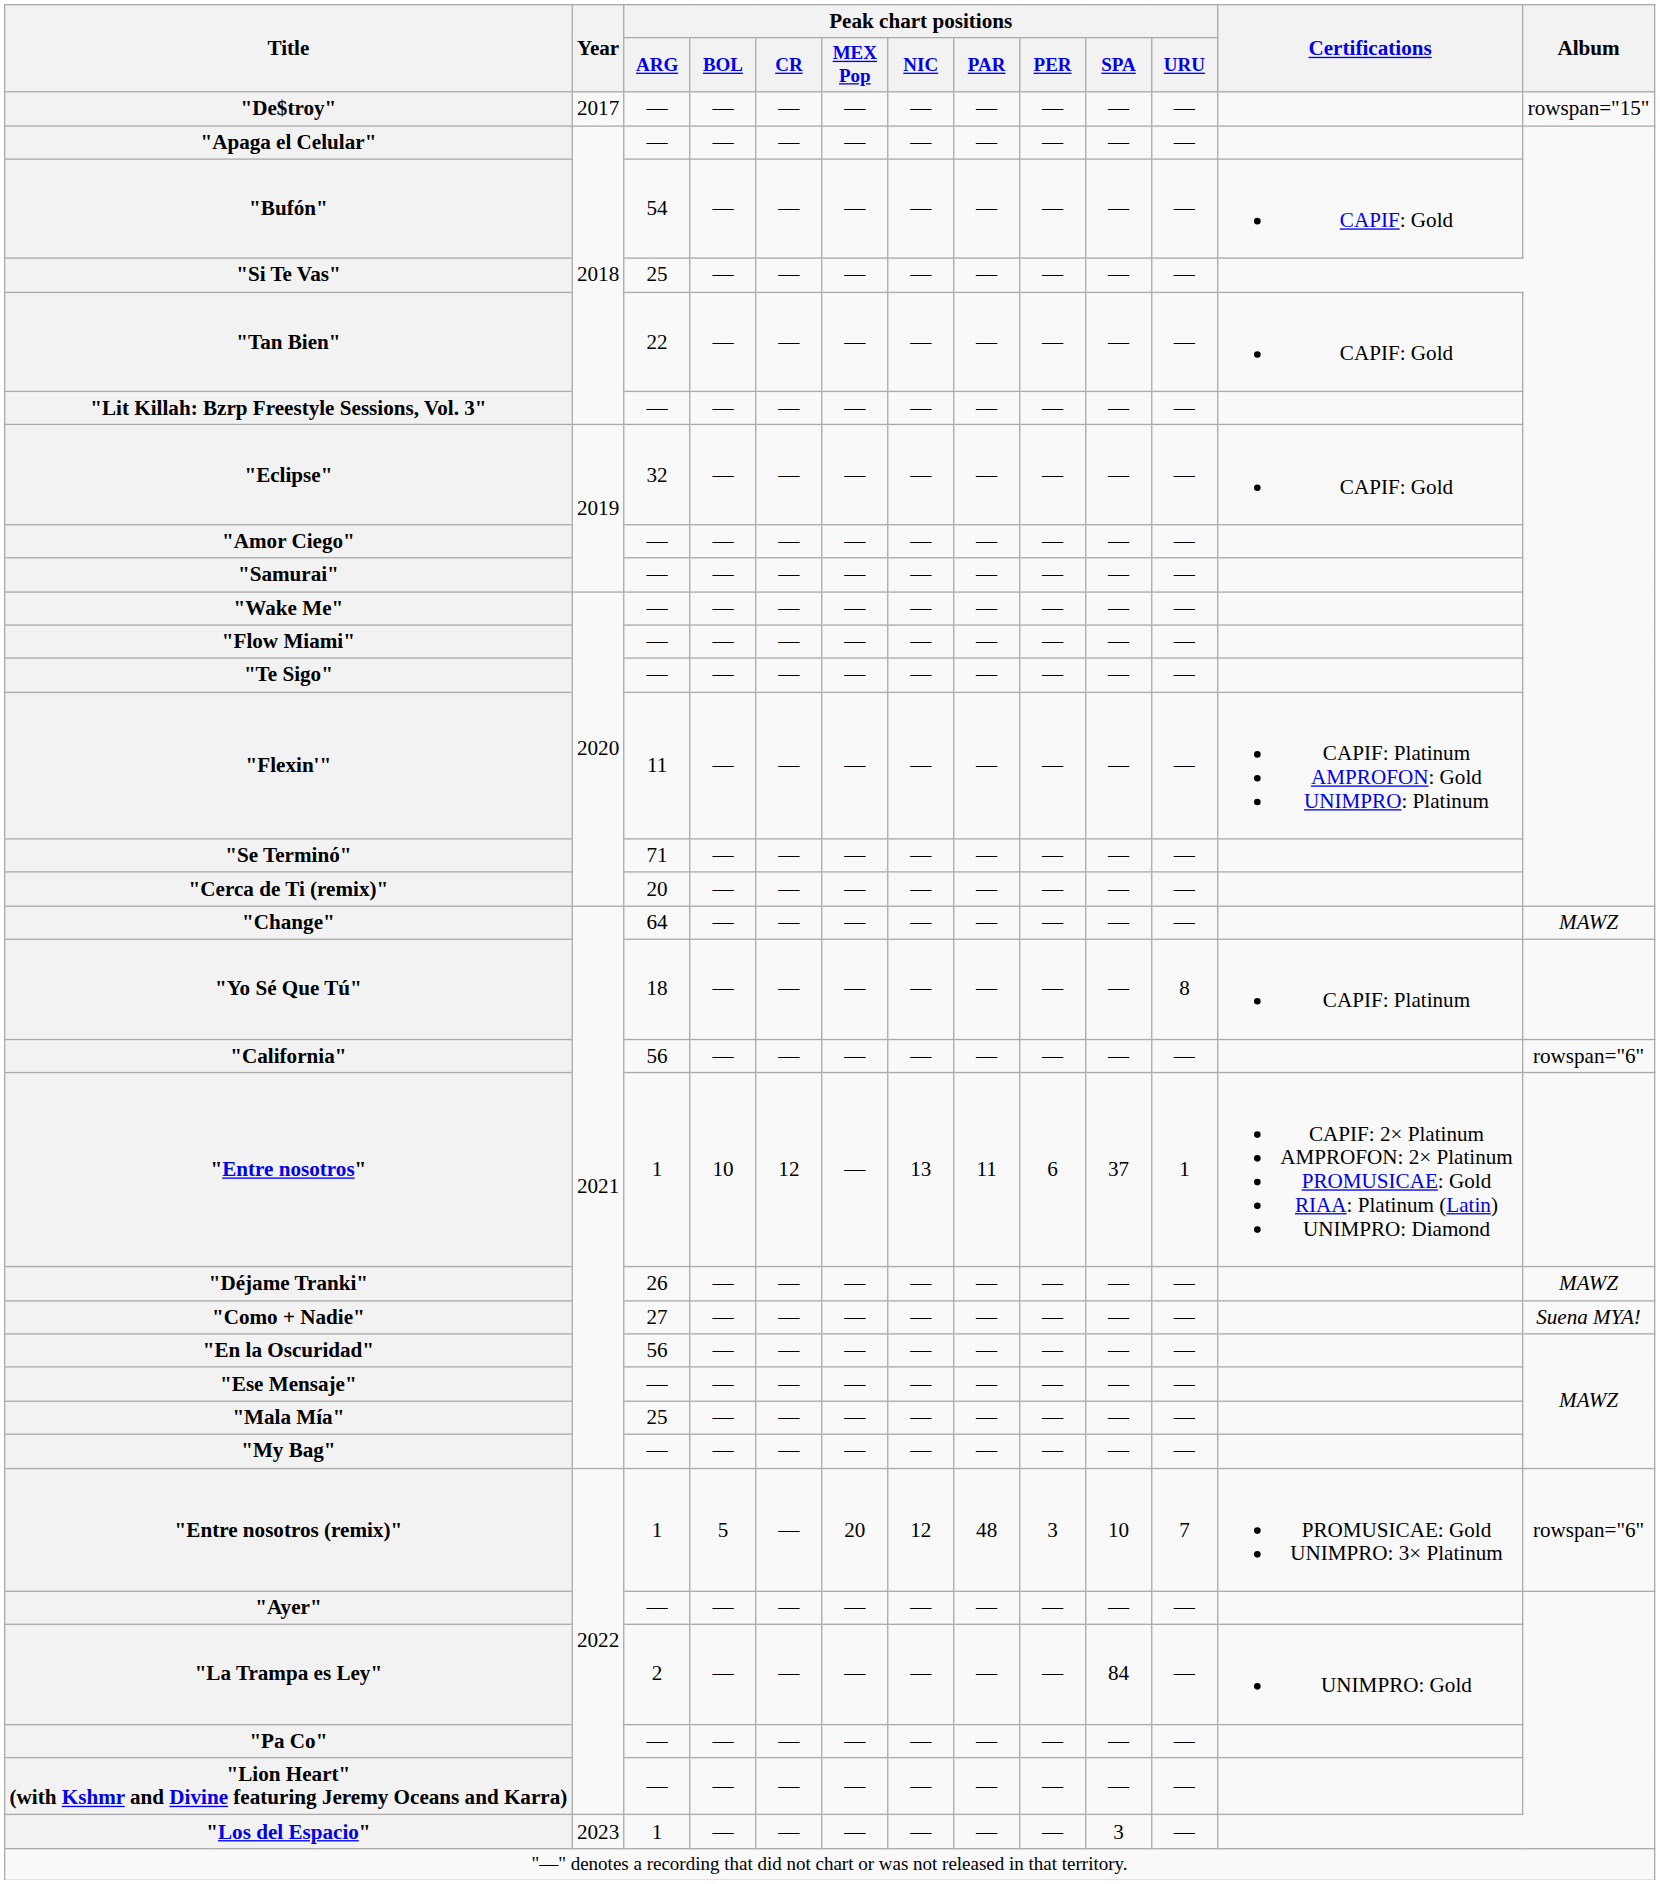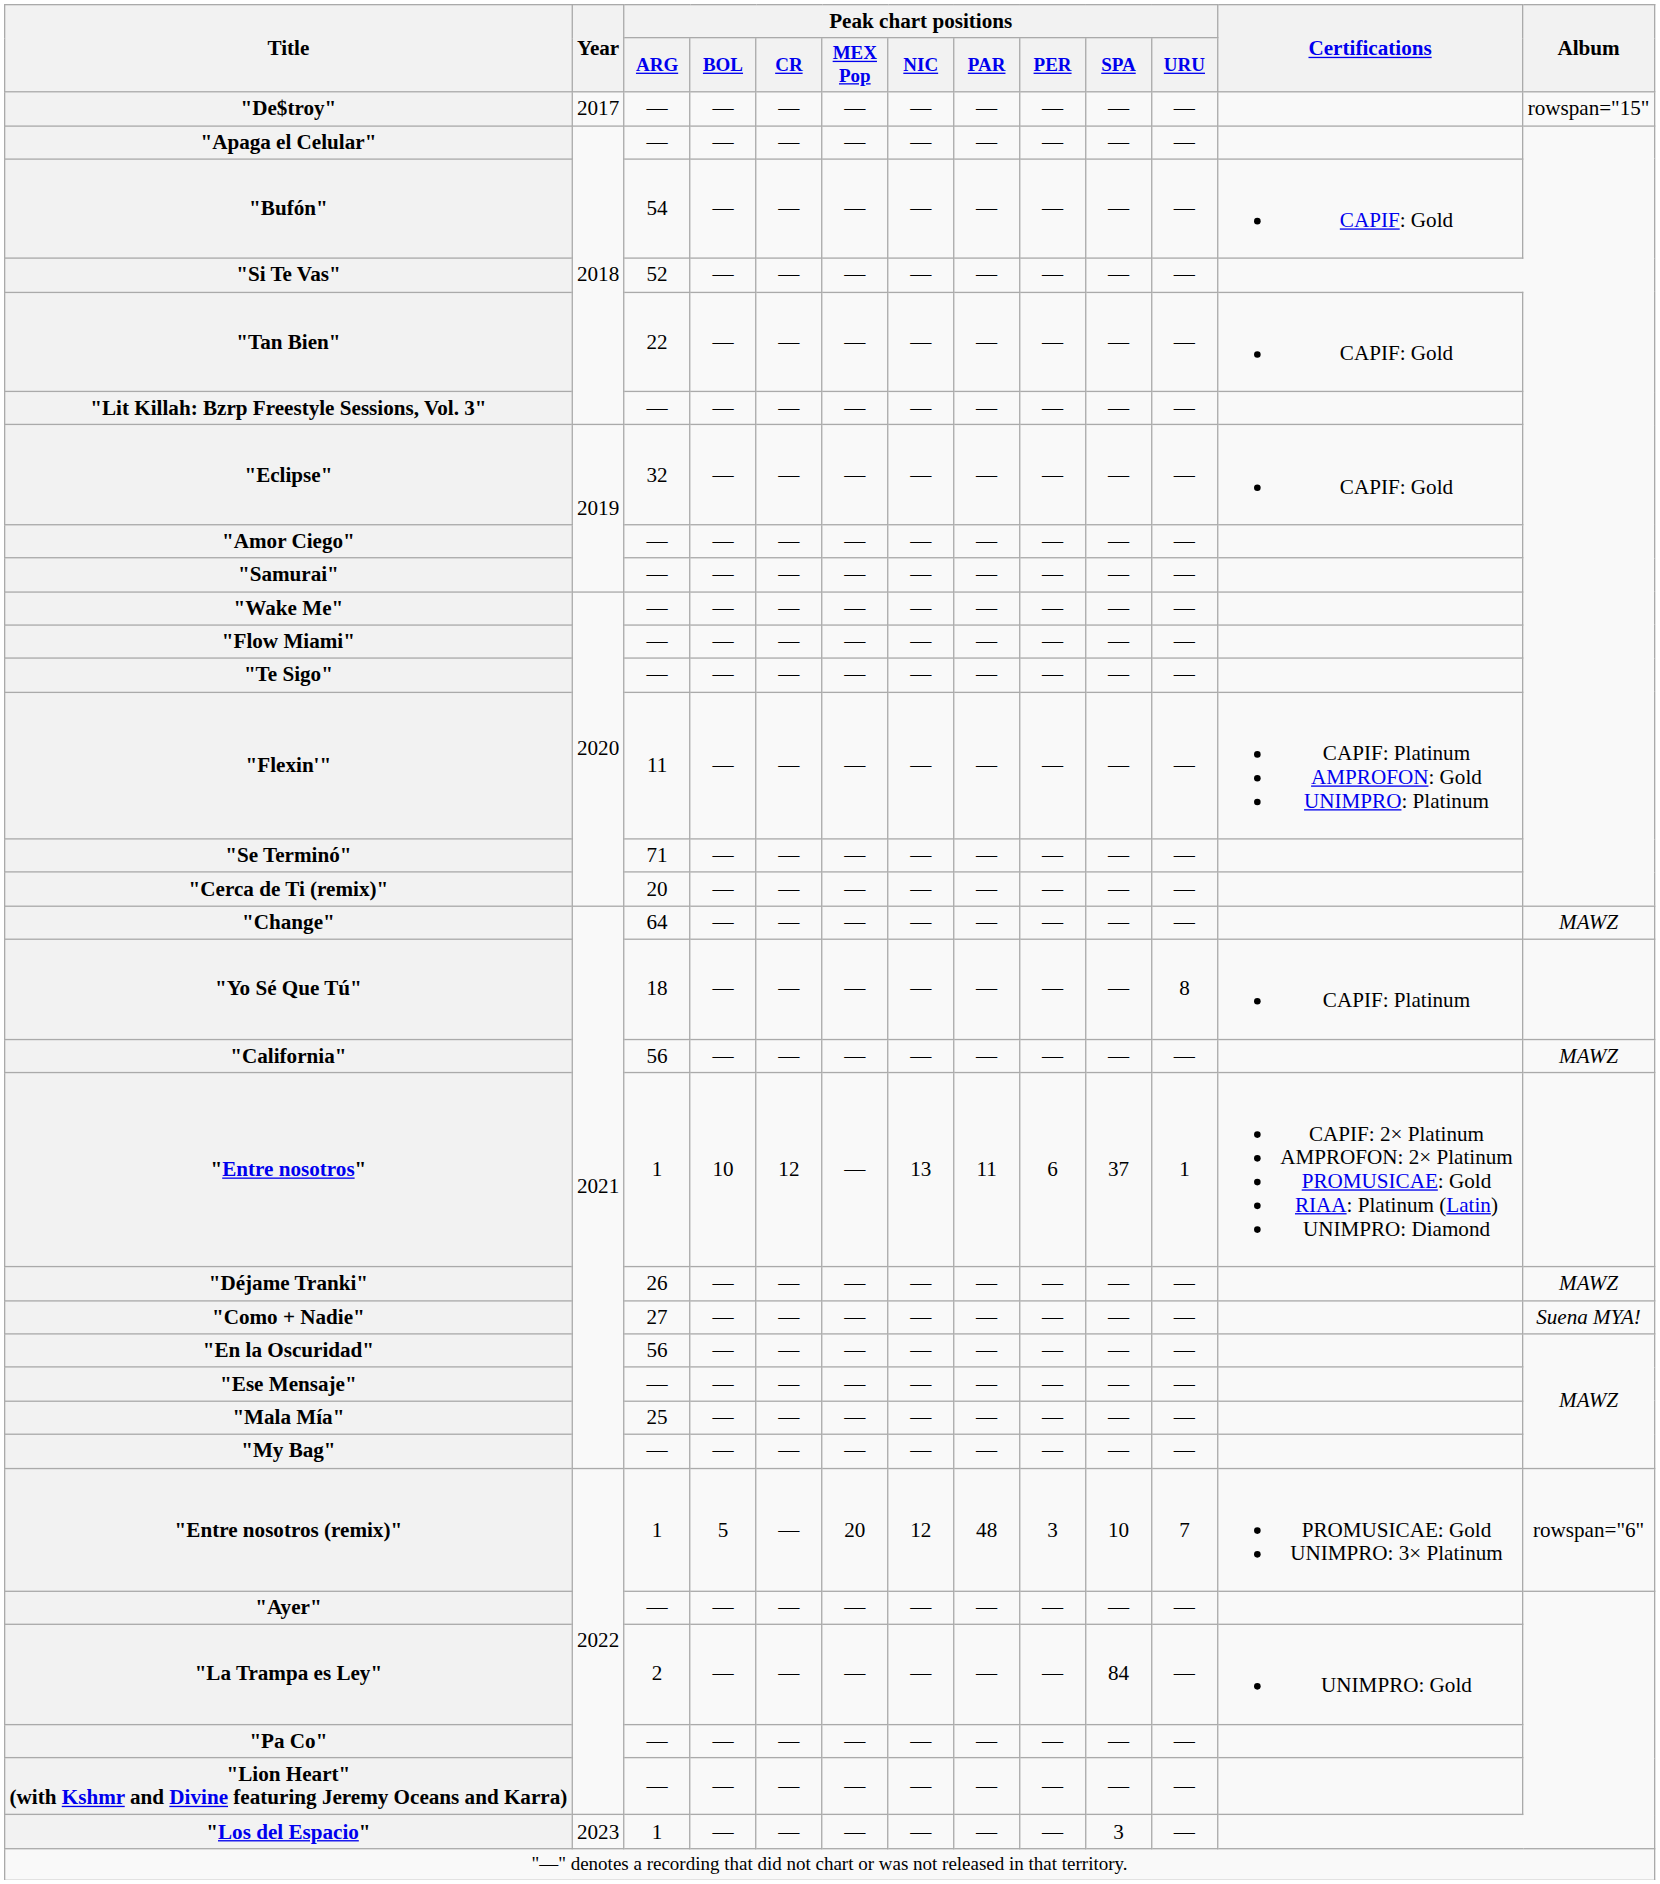 <table class="wikitable plainrowheaders" style="text-align:center;">
 <tr>
 <th scope="col" rowspan="2">Title</th>
 <th scope="col" rowspan="2">Year</th>
 <th scope="col" colspan="9">Peak chart positions</th>
 <th scope="col" rowspan="2" style="width:14em;"><a href='#'>Certifications</a></th>
 <th scope="col" rowspan="2">Album</th>
 </tr>
 <tr>
 <th scope="col" style="width:3em;font-size:90%;"><a href='#'>ARG</a><br></th>
 <th scope="col" style="width:3em;font-size:90%;"><a href='#'>BOL</a><br></th>
 <th scope="col" style="width:3em;font-size:90%;"><a href='#'>CR</a><br></th>
 <th scope="col" style="width:3em;font-size:90%;"><a href='#'>MEX<br>Pop</a><br></th>
 <th scope="col" style="width:3em;font-size:90%;"><a href='#'>NIC</a><br></th>
 <th scope="col" style="width:3em;font-size:90%;"><a href='#'>PAR</a><br></th>
 <th scope="col" style="width:3em;font-size:90%;"><a href='#'>PER</a><br></th>
 <th scope="col" style="width:3em;font-size:90%;"><a href='#'>SPA</a><br></th>
 <th scope="col" style="width:3em;font-size:90%;"><a href='#'>URU</a><br></th>
 </tr>
 <tr>
 <th scope="row">"De$troy"</th>
 <td>2017</td>
 <td>—</td>
 <td>—</td>
 <td>—</td>
 <td>—</td>
 <td>—</td>
 <td>—</td>
 <td>—</td>
 <td>—</td>
 <td>—</td>
 <td></td>
 <td>rowspan="15" </td>
 </tr>
 <tr>
 <th scope="row">"Apaga el Celular"</th>
 <td rowspan="5">2018</td>
 <td>—</td>
 <td>—</td>
 <td>—</td>
 <td>—</td>
 <td>—</td>
 <td>—</td>
 <td>—</td>
 <td>—</td>
 <td>—</td>
 <td></td>
 </tr>
 <tr>
 <th scope="row">"Bufón"</th>
 <td>54</td>
 <td>—</td>
 <td>—</td>
 <td>—</td>
 <td>—</td>
 <td>—</td>
 <td>—</td>
 <td>—</td>
 <td>—</td>
 <td><br><ul><li><a href='#'>CAPIF</a>: Gold</li></ul></td>
 </tr>
 <tr>
 <th scope="row">"Si Te Vas"</th>
-<td>25</td>
+<td>52</td>
 <td>—</td>
 <td>—</td>
 <td>—</td>
 <td>—</td>
 <td>—</td>
 <td>—</td>
 <td>—</td>
 <td>—</td>
 </tr>
 <tr>
 <th scope="row">"Tan Bien"<br></th>
 <td>22</td>
 <td>—</td>
 <td>—</td>
 <td>—</td>
 <td>—</td>
 <td>—</td>
 <td>—</td>
 <td>—</td>
 <td>—</td>
 <td><br><ul><li>CAPIF: Gold</li></ul></td>
 </tr>
 <tr>
 <th scope="row">"Lit Killah: Bzrp Freestyle Sessions, Vol. 3"<br></th>
 <td>—</td>
 <td>—</td>
 <td>—</td>
 <td>—</td>
 <td>—</td>
 <td>—</td>
 <td>—</td>
 <td>—</td>
 <td>—</td>
 <td></td>
 </tr>
 <tr>
 <th scope="row">"Eclipse"</th>
 <td rowspan="3">2019</td>
 <td>32</td>
 <td>—</td>
 <td>—</td>
 <td>—</td>
 <td>—</td>
 <td>—</td>
 <td>—</td>
 <td>—</td>
 <td>—</td>
 <td><br><ul><li>CAPIF: Gold</li></ul></td>
 </tr>
 <tr>
 <th scope="row">"Amor Ciego"</th>
 <td>—</td>
 <td>—</td>
 <td>—</td>
 <td>—</td>
 <td>—</td>
 <td>—</td>
 <td>—</td>
 <td>—</td>
 <td>—</td>
 <td></td>
 </tr>
 <tr>
 <th scope="row">"Samurai"<br></th>
 <td>—</td>
 <td>—</td>
 <td>—</td>
 <td>—</td>
 <td>—</td>
 <td>—</td>
 <td>—</td>
 <td>—</td>
 <td>—</td>
 <td></td>
 </tr>
 <tr>
 <th scope="row">"Wake Me"</th>
 <td rowspan="6">2020</td>
 <td>—</td>
 <td>—</td>
 <td>—</td>
 <td>—</td>
 <td>—</td>
 <td>—</td>
 <td>—</td>
 <td>—</td>
 <td>—</td>
 <td></td>
 </tr>
 <tr>
 <th scope="row">"Flow Miami"<br></th>
 <td>—</td>
 <td>—</td>
 <td>—</td>
 <td>—</td>
 <td>—</td>
 <td>—</td>
 <td>—</td>
 <td>—</td>
 <td>—</td>
 <td></td>
 </tr>
 <tr>
 <th scope="row">"Te Sigo"<br></th>
 <td>—</td>
 <td>—</td>
 <td>—</td>
 <td>—</td>
 <td>—</td>
 <td>—</td>
 <td>—</td>
 <td>—</td>
 <td>—</td>
 <td></td>
 </tr>
 <tr>
 <th scope="row">"Flexin'"<br></th>
 <td>11</td>
 <td>—</td>
 <td>—</td>
 <td>—</td>
 <td>—</td>
 <td>—</td>
 <td>—</td>
 <td>—</td>
 <td>—</td>
 <td><br><ul><li>CAPIF: Platinum</li><li><a href='#'>AMPROFON</a>: Gold</li><li><a href='#'>UNIMPRO</a>: Platinum</li></ul></td>
 </tr>
 <tr>
 <th scope="row">"Se Terminó"<br></th>
 <td>71</td>
 <td>—</td>
 <td>—</td>
 <td>—</td>
 <td>—</td>
 <td>—</td>
 <td>—</td>
 <td>—</td>
 <td>—</td>
 <td></td>
 </tr>
 <tr>
 <th scope="row">"Cerca de Ti (remix)"<br></th>
 <td>20</td>
 <td>—</td>
 <td>—</td>
 <td>—</td>
 <td>—</td>
 <td>—</td>
 <td>—</td>
 <td>—</td>
 <td>—</td>
 <td></td>
 </tr>
 <tr>
 <th scope="row">"Change"</th>
 <td rowspan="10">2021</td>
 <td>64</td>
 <td>—</td>
 <td>—</td>
 <td>—</td>
 <td>—</td>
 <td>—</td>
 <td>—</td>
 <td>—</td>
 <td>—</td>
 <td></td>
 <td><em>MAWZ</em></td>
 </tr>
 <tr>
 <th scope="row">"Yo Sé Que Tú"<br></th>
 <td>18</td>
 <td>—</td>
 <td>—</td>
 <td>—</td>
 <td>—</td>
 <td>—</td>
 <td>—</td>
 <td>—</td>
 <td>8</td>
 <td><br><ul><li>CAPIF: Platinum</li></ul></td>
 <td></td>
 </tr>
 <tr>
 <th scope="row">"California"</th>
 <td>56</td>
 <td>—</td>
 <td>—</td>
 <td>—</td>
 <td>—</td>
 <td>—</td>
 <td>—</td>
 <td>—</td>
 <td>—</td>
 <td></td>
-<td>rowspan="6" </td>
+<td><em>MAWZ</em></td>
 </tr>
 <tr>
 <th scope="row">"<a href='#'>Entre nosotros</a>"<br></th>
 <td>1</td>
 <td>10</td>
 <td>12</td>
 <td>—</td>
 <td>13</td>
 <td>11</td>
 <td>6</td>
 <td>37</td>
 <td>1</td>
 <td><br><ul><li>CAPIF: 2× Platinum</li><li>AMPROFON: 2× Platinum</li><li><a href='#'>PROMUSICAE</a>: Gold</li><li><a href='#'>RIAA</a>: Platinum <span>(<a href='#'>Latin</a>)</span></li><li>UNIMPRO: Diamond</li></ul></td>
 <td></td>
 </tr>
 <tr>
 <th scope="row">"Déjame Tranki"<br></th>
 <td>26</td>
 <td>—</td>
 <td>—</td>
 <td>—</td>
 <td>—</td>
 <td>—</td>
 <td>—</td>
 <td>—</td>
 <td>—</td>
 <td></td>
 <td><em>MAWZ</em></td>
 </tr>
 <tr>
 <th scope="row">"Como + Nadie"<br></th>
 <td>27</td>
 <td>—</td>
 <td>—</td>
 <td>—</td>
 <td>—</td>
 <td>—</td>
 <td>—</td>
 <td>—</td>
 <td>—</td>
 <td></td>
 <td><em>Suena MYA!</em></td>
 </tr>
 <tr>
 <th scope="row">"En la Oscuridad"<br></th>
 <td>56</td>
 <td>—</td>
 <td>—</td>
 <td>—</td>
 <td>—</td>
 <td>—</td>
 <td>—</td>
 <td>—</td>
 <td>—</td>
 <td></td>
 <td rowspan="4"><em>MAWZ</em></td>
 </tr>
 <tr>
 <th scope="row">"Ese Mensaje"<br></th>
 <td>—</td>
 <td>—</td>
 <td>—</td>
 <td>—</td>
 <td>—</td>
 <td>—</td>
 <td>—</td>
 <td>—</td>
 <td>—</td>
 <td></td>
 </tr>
 <tr>
 <th scope="row">"Mala Mía"<br></th>
 <td>25</td>
 <td>—</td>
 <td>—</td>
 <td>—</td>
 <td>—</td>
 <td>—</td>
 <td>—</td>
 <td>—</td>
 <td>—</td>
 <td></td>
 </tr>
 <tr>
 <th scope="row">"My Bag"</th>
 <td>—</td>
 <td>—</td>
 <td>—</td>
 <td>—</td>
 <td>—</td>
 <td>—</td>
 <td>—</td>
 <td>—</td>
 <td>—</td>
 <td></td>
 </tr>
 <tr>
 <th scope="row">"Entre nosotros (remix)"<br></th>
 <td rowspan="5">2022</td>
 <td>1</td>
 <td>5</td>
 <td>—</td>
 <td>20</td>
 <td>12</td>
 <td>48</td>
 <td>3</td>
 <td>10</td>
 <td>7</td>
 <td><br><ul><li>PROMUSICAE: Gold</li><li>UNIMPRO: 3× Platinum</li></ul></td>
 <td>rowspan="6" </td>
 </tr>
 <tr>
 <th scope="row">"Ayer"<br></th>
 <td>—</td>
 <td>—</td>
 <td>—</td>
 <td>—</td>
 <td>—</td>
 <td>—</td>
 <td>—</td>
 <td>—</td>
 <td>—</td>
 <td></td>
 </tr>
 <tr>
 <th scope="row">"La Trampa es Ley"</th>
 <td>2</td>
 <td>—</td>
 <td>—</td>
 <td>—</td>
 <td>—</td>
 <td>—</td>
 <td>—</td>
 <td>84</td>
 <td>—</td>
 <td><br><ul><li>UNIMPRO: Gold</li></ul></td>
 </tr>
 <tr>
 <th scope="row">"Pa Co"<br></th>
 <td>—</td>
 <td>—</td>
 <td>—</td>
 <td>—</td>
 <td>—</td>
 <td>—</td>
 <td>—</td>
 <td>—</td>
 <td>—</td>
 <td></td>
 </tr>
 <tr>
 <th scope="row">"Lion Heart" <br><span>(with <a href='#'>Kshmr</a> and <a href='#'>Divine</a> featuring Jeremy Oceans and Karra)</span></th>
 <td>—</td>
 <td>—</td>
 <td>—</td>
 <td>—</td>
 <td>—</td>
 <td>—</td>
 <td>—</td>
 <td>—</td>
 <td>—</td>
 <td></td>
 </tr>
 <tr>
 <th scope="row">"<a href='#'>Los del Espacio</a>"<br></th>
 <td>2023</td>
 <td>1</td>
 <td>—</td>
 <td>—</td>
 <td>—</td>
 <td>—</td>
 <td>—</td>
 <td>—</td>
 <td>3</td>
 <td>—</td>
 </tr>
 <tr>
 <td colspan="13" style="font-size:90%">"—" denotes a recording that did not chart or was not released in that territory.</td>
 </tr>
 </table>
